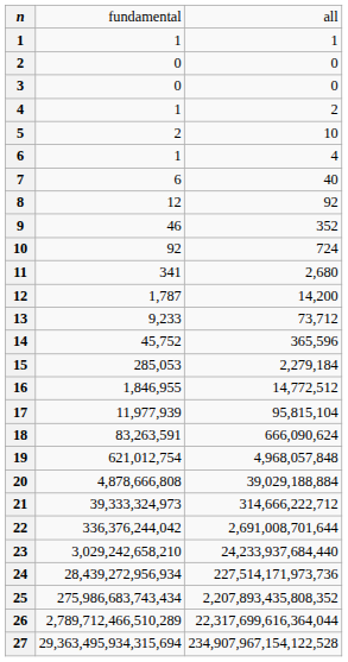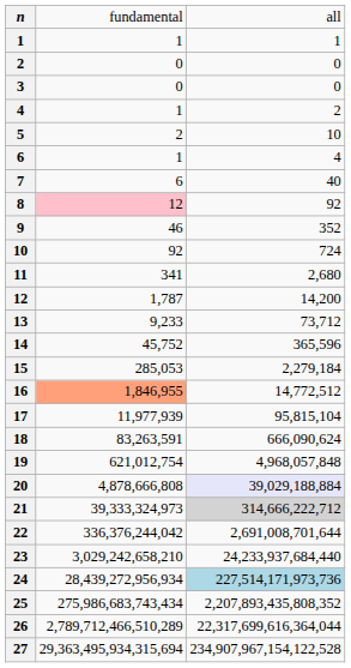 <table class="wikitable" style="text-align:right;">
 <tr>
 <th style="padding: 0em .5em;"><em>n</em></th>
 <td>fundamental</td>
 <td>all</td>
 </tr>
 <tr>
 <th style="padding: 0em .5em;">1</th>
 <td>1</td>
 <td>1</td>
 </tr>
 <tr>
 <th style="padding: 0em .5em;">2</th>
 <td>0</td>
 <td>0</td>
 </tr>
 <tr>
 <th style="padding: 0em .5em;">3</th>
 <td>0</td>
 <td>0</td>
 </tr>
 <tr>
 <th style="padding: 0em .5em;">4</th>
 <td>1</td>
 <td>2</td>
 </tr>
 <tr>
 <th style="padding: 0em .5em;">5</th>
 <td>2</td>
 <td>10</td>
 </tr>
 <tr>
 <th style="padding: 0em .5em;">6</th>
 <td>1</td>
 <td>4</td>
 </tr>
 <tr>
 <th style="padding: 0em .5em;">7</th>
 <td>6</td>
 <td>40</td>
 </tr>
 <tr>
 <th style="padding: 0em .5em;">8</th>
-<td>12</td>
+<td style="background: pink;">12</td>
 <td>92</td>
 </tr>
 <tr>
 <th style="padding: 0em .5em;">9</th>
 <td>46</td>
 <td>352</td>
 </tr>
 <tr>
 <th style="padding: 0em .5em;">10</th>
 <td>92</td>
 <td>724</td>
 </tr>
 <tr>
 <th style="padding: 0em .5em;">11</th>
 <td>341</td>
 <td>2,680</td>
 </tr>
 <tr>
 <th style="padding: 0em .5em;">12</th>
 <td>1,787</td>
 <td>14,200</td>
 </tr>
 <tr>
 <th style="padding: 0em .5em;">13</th>
 <td>9,233</td>
 <td>73,712</td>
 </tr>
 <tr>
 <th style="padding: 0em .5em;">14</th>
 <td>45,752</td>
 <td>365,596</td>
 </tr>
 <tr>
 <th style="padding: 0em .5em;">15</th>
 <td>285,053</td>
 <td>2,279,184</td>
 </tr>
 <tr>
 <th style="padding: 0em .5em;">16</th>
-<td>1,846,955</td>
+<td style="background: lightsalmon;">1,846,955</td>
 <td>14,772,512</td>
 </tr>
 <tr>
 <th style="padding: 0em .5em;">17</th>
 <td>11,977,939</td>
 <td>95,815,104</td>
 </tr>
 <tr>
 <th style="padding: 0em .5em;">18</th>
 <td>83,263,591</td>
 <td>666,090,624</td>
 </tr>
 <tr>
 <th style="padding: 0em .5em;">19</th>
 <td>621,012,754</td>
 <td>4,968,057,848</td>
 </tr>
 <tr>
 <th style="padding: 0em .5em;">20</th>
 <td>4,878,666,808</td>
-<td>39,029,188,884</td>
+<td style="background: lavender;">39,029,188,884</td>
 </tr>
 <tr>
 <th style="padding: 0em .5em;">21</th>
 <td>39,333,324,973</td>
-<td>314,666,222,712</td>
+<td style="background: lightgrey;">314,666,222,712</td>
 </tr>
 <tr>
 <th style="padding: 0em .5em;">22</th>
 <td>336,376,244,042</td>
 <td>2,691,008,701,644</td>
 </tr>
 <tr>
 <th style="padding: 0em .5em;">23</th>
 <td>3,029,242,658,210</td>
 <td>24,233,937,684,440</td>
 </tr>
 <tr>
 <th style="padding: 0em .5em;">24</th>
 <td>28,439,272,956,934</td>
-<td>227,514,171,973,736</td>
+<td style="background: lightblue;">227,514,171,973,736</td>
 </tr>
 <tr>
 <th style="padding: 0em .5em;">25</th>
 <td>275,986,683,743,434</td>
 <td>2,207,893,435,808,352</td>
 </tr>
 <tr>
 <th style="padding: 0em .5em;">26</th>
 <td>2,789,712,466,510,289</td>
 <td>22,317,699,616,364,044</td>
 </tr>
 <tr>
 <th style="padding: 0em .5em;">27</th>
 <td>29,363,495,934,315,694</td>
 <td>234,907,967,154,122,528</td>
 </tr>
 </table>
